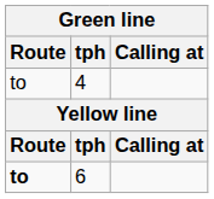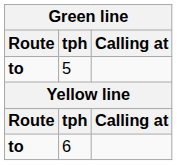 <table class="wikitable">
 <tr>
 <th colspan="3" style="border-color:#">Green line</th>
 </tr>
 <tr>
 <th>Route</th>
 <th>tph</th>
 <th>Calling at</th>
 </tr>
 <tr>
-<td> to </td>
-<td>4</td>
+<td><strong> to </strong></td>
+<td>5</td>
 <td></td>
 </tr>
 <tr>
 <th colspan="3" style="border-color:#">Yellow line</th>
 </tr>
 <tr>
 <th>Route</th>
 <th>tph</th>
 <th>Calling at</th>
 </tr>
 <tr>
 <td><strong> to  </strong></td>
 <td>6</td>
 <td></td>
 </tr>
 </table>
